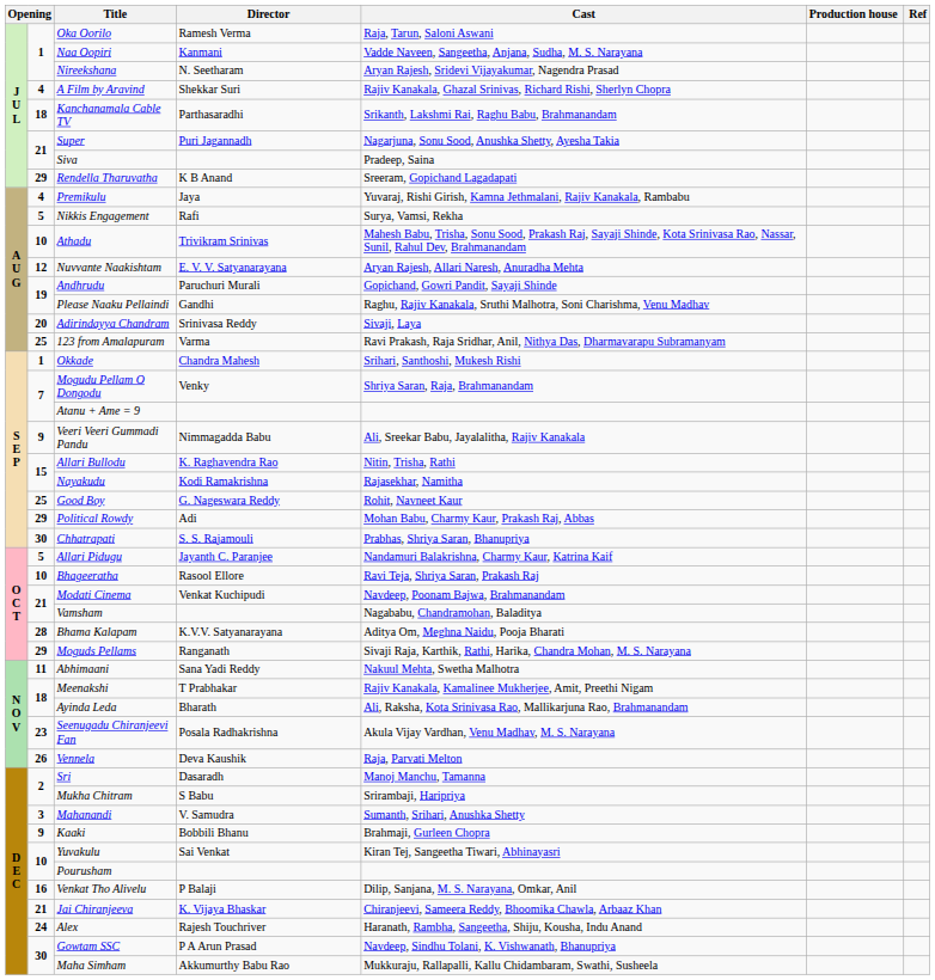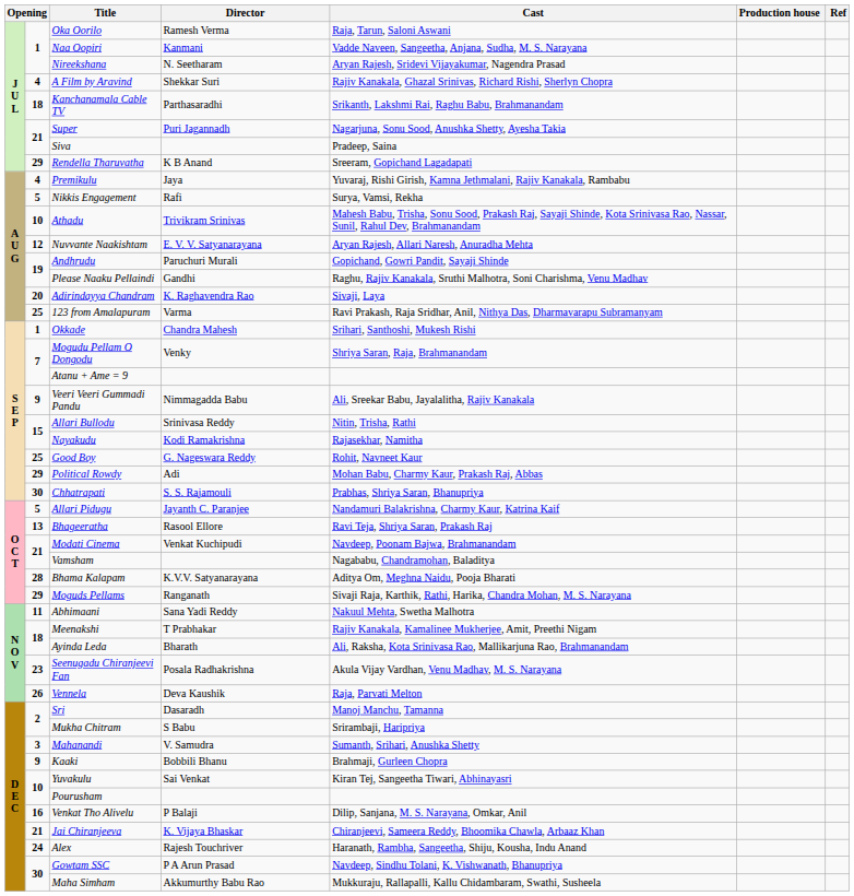 <table class="wikitable sortable">
 <tr style="background:#blue; text-align:center;">
 <th colspan="2">Opening</th>
 <th>Title</th>
 <th style="width:20%;"><strong>Director</strong></th>
 <th>Cast</th>
 <th>Production house </th>
 <th> Ref</th>
 </tr>
 <tr July!>
 <td rowspan="8" style="text-align:center; background:	#d0f0c0; textcolor:#000;"><strong>J<br>U<br>L</strong></td>
 <td rowspan="3" style="text-align:center;"><strong>1</strong></td>
 <td><em><a href='#'>Oka Oorilo</a></em></td>
 <td>Ramesh Verma</td>
 <td><a href='#'>Raja</a>, <a href='#'>Tarun</a>, <a href='#'>Saloni Aswani</a></td>
 <td></td>
 <td></td>
 </tr>
 <tr>
 <td><em><a href='#'>Naa Oopiri</a></em></td>
 <td><a href='#'>Kanmani</a></td>
 <td><a href='#'>Vadde Naveen</a>, <a href='#'>Sangeetha</a>, <a href='#'>Anjana</a>, <a href='#'>Sudha</a>, <a href='#'>M. S. Narayana</a></td>
 <td></td>
 <td></td>
 </tr>
 <tr>
 <td><em><a href='#'>Nireekshana</a></em></td>
 <td>N. Seetharam</td>
 <td><a href='#'>Aryan Rajesh</a>, <a href='#'>Sridevi Vijayakumar</a>, Nagendra Prasad</td>
 <td></td>
 <td></td>
 </tr>
 <tr>
 <td style="text-align:center;"><strong>4</strong></td>
 <td><em><a href='#'>A Film by Aravind</a></em></td>
 <td>Shekkar Suri</td>
 <td><a href='#'>Rajiv Kanakala</a>, <a href='#'>Ghazal Srinivas</a>, <a href='#'>Richard Rishi</a>, <a href='#'>Sherlyn Chopra</a></td>
 <td></td>
 <td></td>
 </tr>
 <tr>
 <td style="text-align:center;"><strong>18</strong></td>
 <td><em><a href='#'>Kanchanamala Cable TV</a></em></td>
 <td>Parthasaradhi</td>
 <td><a href='#'>Srikanth</a>, <a href='#'>Lakshmi Rai</a>, <a href='#'>Raghu Babu</a>, <a href='#'>Brahmanandam</a></td>
 <td></td>
 <td></td>
 </tr>
 <tr>
 <td rowspan="2" style="text-align:center;"><strong>21</strong></td>
 <td><em><a href='#'>Super</a></em></td>
 <td><a href='#'>Puri Jagannadh</a></td>
 <td><a href='#'>Nagarjuna</a>, <a href='#'>Sonu Sood</a>, <a href='#'>Anushka Shetty</a>, <a href='#'>Ayesha Takia</a></td>
 <td></td>
 <td></td>
 </tr>
 <tr>
 <td><em>Siva</em></td>
 <td></td>
 <td>Pradeep, Saina</td>
 <td></td>
 <td></td>
 </tr>
 <tr>
 <td style="text-align:center;"><strong>29</strong></td>
 <td><em><a href='#'>Rendella Tharuvatha</a></em></td>
 <td>K B Anand</td>
 <td>Sreeram, <a href='#'>Gopichand Lagadapati</a></td>
 <td></td>
 <td></td>
 </tr>
 <tr August!>
 <td rowspan="8" style="text-align:center; background:#c2b280;"><strong>A<br>U<br>G</strong></td>
 <td style="text-align:center;"><strong>4</strong></td>
 <td><em><a href='#'>Premikulu</a></em></td>
 <td>Jaya</td>
 <td>Yuvaraj, Rishi Girish, <a href='#'>Kamna Jethmalani</a>, <a href='#'>Rajiv Kanakala</a>, Rambabu</td>
 <td></td>
 <td></td>
 </tr>
 <tr>
 <td style="text-align:center;"><strong>5</strong></td>
 <td><em>Nikkis Engagement</em></td>
 <td>Rafi</td>
 <td>Surya, Vamsi, Rekha</td>
 <td></td>
 <td></td>
 </tr>
 <tr>
 <td style="text-align:center;"><strong>10</strong></td>
 <td><em><a href='#'>Athadu</a></em></td>
 <td><a href='#'>Trivikram Srinivas</a></td>
 <td><a href='#'>Mahesh Babu</a>, <a href='#'>Trisha</a>, <a href='#'>Sonu Sood</a>, <a href='#'>Prakash Raj</a>, <a href='#'>Sayaji Shinde</a>, <a href='#'>Kota Srinivasa Rao</a>, <a href='#'>Nassar</a>, <a href='#'>Sunil</a>, <a href='#'>Rahul Dev</a>, <a href='#'>Brahmanandam</a></td>
 <td></td>
 <td></td>
 </tr>
 <tr>
 <td style="text-align:center;"><strong>12</strong></td>
 <td><em>Nuvvante Naakishtam</em></td>
 <td><a href='#'>E. V. V. Satyanarayana</a></td>
 <td><a href='#'>Aryan Rajesh</a>, <a href='#'>Allari Naresh</a>, <a href='#'>Anuradha Mehta</a></td>
 <td></td>
 <td></td>
 </tr>
 <tr>
 <td rowspan="2" style="text-align:center;"><strong>19</strong></td>
 <td><em><a href='#'>Andhrudu</a></em></td>
 <td>Paruchuri Murali</td>
 <td><a href='#'>Gopichand</a>, <a href='#'>Gowri Pandit</a>, <a href='#'>Sayaji Shinde</a></td>
 <td></td>
 <td></td>
 </tr>
 <tr>
 <td><em>Please Naaku Pellaindi</em></td>
 <td>Gandhi</td>
 <td>Raghu, <a href='#'>Rajiv Kanakala</a>, Sruthi Malhotra, Soni Charishma, <a href='#'>Venu Madhav</a></td>
 <td></td>
 <td></td>
 </tr>
 <tr>
 <td style="text-align:center;"><strong>20</strong></td>
 <td><em><a href='#'>Adirindayya Chandram</a></em></td>
-<td>Srinivasa Reddy</td>
+<td><a href='#'>K. Raghavendra Rao</a></td>
 <td><a href='#'>Sivaji</a>, <a href='#'>Laya</a></td>
 <td></td>
 <td></td>
 </tr>
 <tr>
 <td style="text-align:center;"><strong>25</strong></td>
 <td><em>123 from Amalapuram </em></td>
 <td>Varma</td>
 <td>Ravi Prakash, Raja Sridhar, Anil, <a href='#'>Nithya Das</a>, <a href='#'>Dharmavarapu Subramanyam</a></td>
 <td></td>
 <td></td>
 </tr>
 <tr>
 <td rowspan="9" style="text-align:center; background:wheat; textcolor:#000;"><strong>S<br>E<br>P</strong></td>
 <td rowspan="1" style="text-align:center;"><strong>1</strong></td>
 <td><em><a href='#'>Okkade</a></em></td>
 <td><a href='#'>Chandra Mahesh</a></td>
 <td><a href='#'>Srihari</a>, <a href='#'>Santhoshi</a>, <a href='#'>Mukesh Rishi</a></td>
 <td></td>
 <td></td>
 </tr>
 <tr>
 <td rowspan="2" style="text-align:center;"><strong>7</strong></td>
 <td><em><a href='#'>Mogudu Pellam O Dongodu</a></em></td>
 <td>Venky</td>
 <td><a href='#'>Shriya Saran</a>, <a href='#'>Raja</a>, <a href='#'>Brahmanandam</a></td>
 <td></td>
 <td></td>
 </tr>
 <tr>
 <td><em>Atanu + Ame = 9</em></td>
 <td></td>
 <td></td>
 <td></td>
 <td></td>
 </tr>
 <tr>
 <td style="text-align:center;"><strong>9</strong></td>
 <td><em>Veeri Veeri Gummadi Pandu</em></td>
 <td>Nimmagadda Babu</td>
 <td><a href='#'>Ali</a>, Sreekar Babu, Jayalalitha, <a href='#'>Rajiv Kanakala</a></td>
 <td></td>
 <td></td>
 </tr>
 <tr>
 <td rowspan="2" style="text-align:center;"><strong>15</strong></td>
 <td><em><a href='#'>Allari Bullodu</a></em></td>
-<td><a href='#'>K. Raghavendra Rao</a></td>
+<td>Srinivasa Reddy</td>
 <td><a href='#'>Nitin</a>, <a href='#'>Trisha</a>, <a href='#'>Rathi</a></td>
 <td></td>
 <td></td>
 </tr>
 <tr>
 <td><em><a href='#'>Nayakudu</a></em></td>
 <td><a href='#'>Kodi Ramakrishna</a></td>
 <td><a href='#'>Rajasekhar</a>, <a href='#'>Namitha</a></td>
 <td></td>
 <td></td>
 </tr>
 <tr>
 <td style="text-align:center;"><strong>25</strong></td>
 <td><em><a href='#'>Good Boy</a></em></td>
 <td><a href='#'>G. Nageswara Reddy</a></td>
 <td><a href='#'>Rohit</a>, <a href='#'>Navneet Kaur</a></td>
 <td></td>
 <td></td>
 </tr>
 <tr>
 <td style="text-align:center;"><strong>29</strong></td>
 <td><em><a href='#'>Political Rowdy</a></em></td>
 <td>Adi</td>
 <td><a href='#'>Mohan Babu</a>, <a href='#'>Charmy Kaur</a>, <a href='#'>Prakash Raj</a>, <a href='#'>Abbas</a></td>
 <td></td>
 <td></td>
 </tr>
 <tr>
 <td style="text-align:center;"><strong>30</strong></td>
 <td><em><a href='#'>Chhatrapati</a></em></td>
 <td><a href='#'>S. S. Rajamouli</a></td>
 <td><a href='#'>Prabhas</a>, <a href='#'>Shriya Saran</a>, <a href='#'>Bhanupriya</a></td>
 <td></td>
 <td></td>
 </tr>
 <tr October!>
 <td rowspan="6" style="text-align:center; background:#ffb7c5;"><strong>O<br>C<br>T</strong></td>
 <td style="text-align:center;"><strong>5</strong></td>
 <td><em><a href='#'>Allari Pidugu</a></em></td>
 <td><a href='#'>Jayanth C. Paranjee</a></td>
 <td><a href='#'>Nandamuri Balakrishna</a>, <a href='#'>Charmy Kaur</a>, <a href='#'>Katrina Kaif</a></td>
 <td></td>
 <td></td>
 </tr>
 <tr>
-<td style="text-align:center;"><strong>10</strong></td>
+<td style="text-align:center;"><strong>13</strong></td>
 <td><em><a href='#'>Bhageeratha</a></em></td>
 <td>Rasool Ellore</td>
 <td><a href='#'>Ravi Teja</a>, <a href='#'>Shriya Saran</a>, <a href='#'>Prakash Raj</a></td>
 <td></td>
 <td></td>
 </tr>
 <tr>
 <td rowspan="2" style="text-align:center;"><strong>21</strong></td>
 <td><em><a href='#'>Modati Cinema</a></em></td>
 <td>Venkat Kuchipudi</td>
 <td><a href='#'>Navdeep</a>, <a href='#'>Poonam Bajwa</a>, <a href='#'>Brahmanandam</a></td>
 <td></td>
 <td></td>
 </tr>
 <tr>
 <td><em>Vamsham</em></td>
 <td></td>
 <td>Nagababu, <a href='#'>Chandramohan</a>, Baladitya</td>
 <td></td>
 <td></td>
 </tr>
 <tr>
 <td style="text-align:center;"><strong>28</strong></td>
 <td><em>Bhama Kalapam</em></td>
 <td>K.V.V. Satyanarayana</td>
 <td>Aditya Om, <a href='#'>Meghna Naidu</a>, Pooja Bharati</td>
 <td></td>
 <td></td>
 </tr>
 <tr>
 <td style="text-align:center;"><strong>29</strong></td>
 <td><em><a href='#'>Moguds Pellams</a></em></td>
 <td>Ranganath</td>
 <td>Sivaji Raja, Karthik, <a href='#'>Rathi</a>, Harika, <a href='#'>Chandra Mohan</a>, <a href='#'>M. S. Narayana</a></td>
 <td></td>
 <td></td>
 </tr>
 <tr November!>
 <td rowspan="5" style="text-align:center; background:#ace1af;"><strong>N<br>O<br>V</strong></td>
 <td style="text-align:center;"><strong>11</strong></td>
 <td><em>Abhimaani</em></td>
 <td>Sana Yadi Reddy</td>
 <td><a href='#'>Nakuul Mehta</a>, Swetha Malhotra</td>
 <td></td>
 <td></td>
 </tr>
 <tr>
 <td rowspan="2" style="text-align:center;"><strong>18</strong></td>
 <td><em>Meenakshi</em></td>
 <td>T Prabhakar</td>
 <td><a href='#'>Rajiv Kanakala</a>, <a href='#'>Kamalinee Mukherjee</a>, Amit, Preethi Nigam</td>
 <td></td>
 <td></td>
 </tr>
 <tr>
 <td><em>Ayinda Leda</em></td>
 <td>Bharath</td>
 <td><a href='#'>Ali</a>, Raksha, <a href='#'>Kota Srinivasa Rao</a>, Mallikarjuna Rao, <a href='#'>Brahmanandam</a></td>
 <td></td>
 <td></td>
 </tr>
 <tr>
 <td style="text-align:center;"><strong>23</strong></td>
 <td><em><a href='#'>Seenugadu Chiranjeevi Fan</a></em></td>
 <td>Posala Radhakrishna</td>
 <td>Akula Vijay Vardhan, <a href='#'>Venu Madhav</a>, <a href='#'>M. S. Narayana</a></td>
 <td></td>
 <td></td>
 </tr>
 <tr>
 <td style="text-align:center;"><strong>26</strong></td>
 <td><em><a href='#'>Vennela</a></em></td>
 <td>Deva Kaushik</td>
 <td><a href='#'>Raja</a>, <a href='#'>Parvati Melton</a></td>
 <td></td>
 <td></td>
 </tr>
 <tr December!>
 <td rowspan="11" style="text-align:center; background:#b8860b;"><strong>D<br>E<br>C</strong></td>
 <td rowspan="2" style="text-align:center;"><strong>2</strong></td>
 <td><em><a href='#'>Sri</a></em></td>
 <td>Dasaradh</td>
 <td><a href='#'>Manoj Manchu</a>, <a href='#'>Tamanna</a></td>
 <td></td>
 <td></td>
 </tr>
 <tr>
 <td><em>Mukha Chitram</em></td>
 <td>S Babu</td>
 <td>Srirambaji, <a href='#'>Haripriya</a></td>
 <td></td>
 <td></td>
 </tr>
 <tr>
 <td style="text-align:center;"><strong>3</strong></td>
 <td><em><a href='#'>Mahanandi</a></em></td>
 <td>V. Samudra</td>
 <td><a href='#'>Sumanth</a>, <a href='#'>Srihari</a>, <a href='#'>Anushka Shetty</a></td>
 <td></td>
 <td></td>
 </tr>
 <tr>
 <td style="text-align:center;"><strong>9</strong></td>
 <td><em>Kaaki</em></td>
 <td>Bobbili Bhanu</td>
 <td>Brahmaji, <a href='#'>Gurleen Chopra</a></td>
 <td></td>
 <td></td>
 </tr>
 <tr>
 <td rowspan="2" style="text-align:center;"><strong>10</strong></td>
 <td><em>Yuvakulu</em></td>
 <td>Sai Venkat</td>
 <td>Kiran Tej, Sangeetha Tiwari, <a href='#'>Abhinayasri</a></td>
 <td></td>
 <td></td>
 </tr>
 <tr>
 <td><em>Pourusham</em></td>
 <td></td>
 <td></td>
 <td></td>
 <td></td>
 </tr>
 <tr>
 <td style="text-align:center;"><strong>16</strong></td>
 <td><em>Venkat Tho Alivelu</em></td>
 <td>P Balaji</td>
 <td>Dilip, Sanjana, <a href='#'>M. S. Narayana</a>, Omkar, Anil</td>
 <td></td>
 <td></td>
 </tr>
 <tr>
 <td style="text-align:center;"><strong>21</strong></td>
 <td><em><a href='#'>Jai Chiranjeeva</a></em></td>
 <td><a href='#'>K. Vijaya Bhaskar</a></td>
 <td><a href='#'>Chiranjeevi</a>, <a href='#'>Sameera Reddy</a>, <a href='#'>Bhoomika Chawla</a>, <a href='#'>Arbaaz Khan</a></td>
 <td></td>
 <td></td>
 </tr>
 <tr>
 <td style="text-align:center;"><strong>24</strong></td>
 <td><em>Alex</em></td>
 <td>Rajesh Touchriver</td>
 <td>Haranath, <a href='#'>Rambha</a>, <a href='#'>Sangeetha</a>, Shiju, Kousha, Indu Anand</td>
 <td></td>
 <td></td>
 </tr>
 <tr>
 <td rowspan="2" style="text-align:center;"><strong>30</strong></td>
 <td><em><a href='#'>Gowtam SSC</a></em></td>
 <td>P A Arun Prasad</td>
 <td><a href='#'>Navdeep</a>, <a href='#'>Sindhu Tolani</a>, <a href='#'>K. Vishwanath</a>, <a href='#'>Bhanupriya</a></td>
 <td></td>
 <td></td>
 </tr>
 <tr>
 <td><em>Maha Simham</em></td>
 <td>Akkumurthy Babu Rao</td>
 <td>Mukkuraju, Rallapalli, Kallu Chidambaram, Swathi, Susheela</td>
 <td></td>
 <td></td>
 </tr>
 </table>
